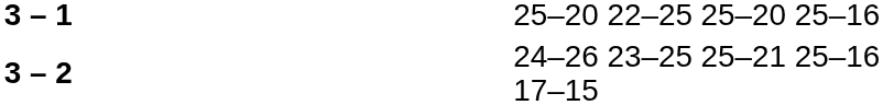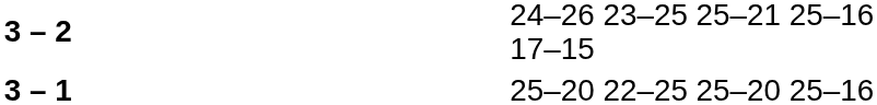 <table>
 <tr>
 <th width=200></th>
 <th width=80></th>
 <th width=200></th>
 <th width=220></th>
 </tr>
 <tr>
 <td align=right><strong></strong></td>
+<td align=center><strong>3 – 2</strong></td>
+<td></td>
+<td>24–26 23–25 25–21 25–16 17–15</td>
+</tr>
+<tr>
+<td align=right><strong></strong></td>
 <td align=center><strong>3 – 1</strong></td>
 <td></td>
 <td>25–20 22–25 25–20 25–16</td>
 </tr>
-<tr>
-<td align=right><strong></strong></td>
-<td align=center><strong>3 – 2</strong></td>
-<td></td>
-<td>24–26 23–25 25–21 25–16 17–15</td>
-</tr>
 </table>
